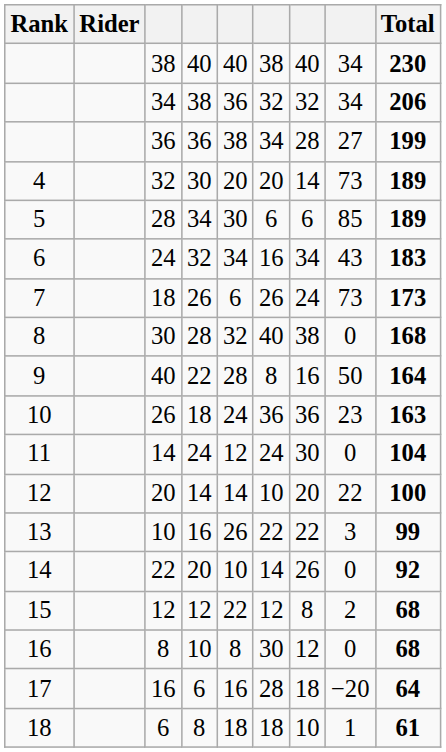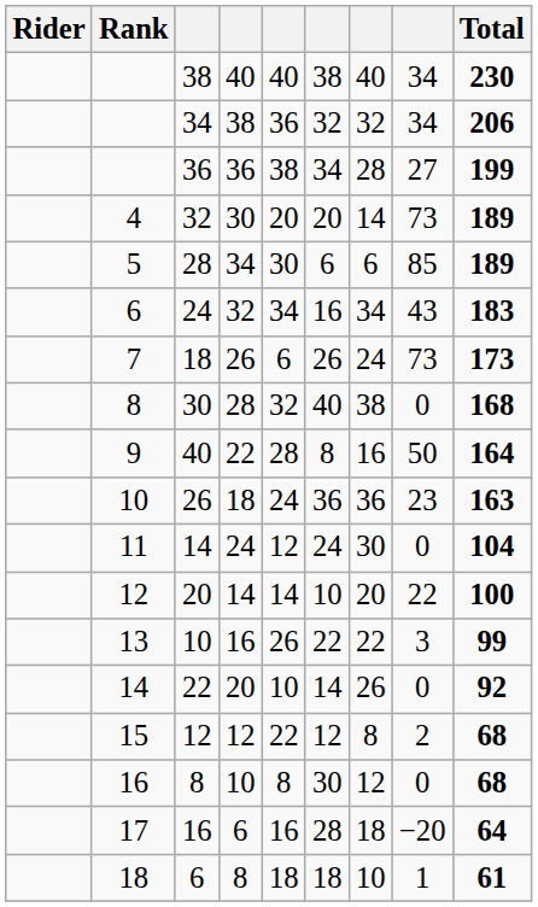 <table class="wikitable sortable" style="text-align:center">
 <tr>
+<th>Rider</th>
 <th data-sort-type="number">Rank</th>
-<th>Rider</th>
 <th></th>
 <th></th>
 <th></th>
 <th></th>
 <th></th>
 <th></th>
 <th>Total</th>
 </tr>
 <tr>
+<td align=left></td>
 <td></td>
-<td align=left></td>
 <td>38</td>
 <td>40</td>
 <td>40</td>
 <td>38</td>
 <td>40</td>
 <td>34</td>
 <td><strong>230</strong></td>
 </tr>
 <tr>
+<td align=left></td>
 <td></td>
-<td align=left></td>
 <td>34</td>
 <td>38</td>
 <td>36</td>
 <td>32</td>
 <td>32</td>
 <td>34</td>
 <td><strong>206</strong></td>
 </tr>
 <tr>
+<td align=left></td>
 <td></td>
-<td align=left></td>
 <td>36</td>
 <td>36</td>
 <td>38</td>
 <td>34</td>
 <td>28</td>
 <td>27</td>
 <td><strong>199</strong></td>
 </tr>
 <tr>
+<td align=left></td>
 <td>4</td>
-<td align=left></td>
 <td>32</td>
 <td>30</td>
 <td>20</td>
 <td>20</td>
 <td>14</td>
 <td>73</td>
 <td><strong>189</strong></td>
 </tr>
 <tr>
+<td align=left></td>
 <td>5</td>
-<td align=left></td>
 <td>28</td>
 <td>34</td>
 <td>30</td>
 <td>6</td>
 <td>6</td>
 <td>85</td>
 <td><strong>189</strong></td>
 </tr>
 <tr>
+<td align=left></td>
 <td>6</td>
-<td align=left></td>
 <td>24</td>
 <td>32</td>
 <td>34</td>
 <td>16</td>
 <td>34</td>
 <td>43</td>
 <td><strong>183</strong></td>
 </tr>
 <tr>
+<td align=left></td>
 <td>7</td>
-<td align=left></td>
 <td>18</td>
 <td>26</td>
 <td>6</td>
 <td>26</td>
 <td>24</td>
 <td>73</td>
 <td><strong>173</strong></td>
 </tr>
 <tr>
+<td align=left></td>
 <td>8</td>
-<td align=left></td>
 <td>30</td>
 <td>28</td>
 <td>32</td>
 <td>40</td>
 <td>38</td>
 <td>0</td>
 <td><strong>168</strong></td>
 </tr>
 <tr>
+<td align=left></td>
 <td>9</td>
-<td align=left></td>
 <td>40</td>
 <td>22</td>
 <td>28</td>
 <td>8</td>
 <td>16</td>
 <td>50</td>
 <td><strong>164</strong></td>
 </tr>
 <tr>
+<td align=left></td>
 <td>10</td>
-<td align=left></td>
 <td>26</td>
 <td>18</td>
 <td>24</td>
 <td>36</td>
 <td>36</td>
 <td>23</td>
 <td><strong>163</strong></td>
 </tr>
 <tr>
+<td align=left></td>
 <td>11</td>
-<td align=left></td>
 <td>14</td>
 <td>24</td>
 <td>12</td>
 <td>24</td>
 <td>30</td>
 <td>0</td>
 <td><strong>104</strong></td>
 </tr>
 <tr>
+<td align=left></td>
 <td>12</td>
-<td align=left></td>
 <td>20</td>
 <td>14</td>
 <td>14</td>
 <td>10</td>
 <td>20</td>
 <td>22</td>
 <td><strong>100</strong></td>
 </tr>
 <tr>
+<td align=left></td>
 <td>13</td>
-<td align=left></td>
 <td>10</td>
 <td>16</td>
 <td>26</td>
 <td>22</td>
 <td>22</td>
 <td>3</td>
 <td><strong>99</strong></td>
 </tr>
 <tr>
+<td align=left></td>
 <td>14</td>
-<td align=left></td>
 <td>22</td>
 <td>20</td>
 <td>10</td>
 <td>14</td>
 <td>26</td>
 <td>0</td>
 <td><strong>92</strong></td>
 </tr>
 <tr>
+<td align=left></td>
 <td>15</td>
-<td align=left></td>
 <td>12</td>
 <td>12</td>
 <td>22</td>
 <td>12</td>
 <td>8</td>
 <td>2</td>
 <td><strong>68</strong></td>
 </tr>
 <tr>
+<td align=left></td>
 <td>16</td>
-<td align=left></td>
 <td>8</td>
 <td>10</td>
 <td>8</td>
 <td>30</td>
 <td>12</td>
 <td>0</td>
 <td><strong>68</strong></td>
 </tr>
 <tr>
+<td align=left></td>
 <td>17</td>
-<td align=left></td>
 <td>16</td>
 <td>6</td>
 <td>16</td>
 <td>28</td>
 <td>18</td>
 <td>−20</td>
 <td><strong>64</strong></td>
 </tr>
 <tr>
+<td align=left></td>
 <td>18</td>
-<td align=left></td>
 <td>6</td>
 <td>8</td>
 <td>18</td>
 <td>18</td>
 <td>10</td>
 <td>1</td>
 <td><strong>61</strong></td>
 </tr>
 </table>
